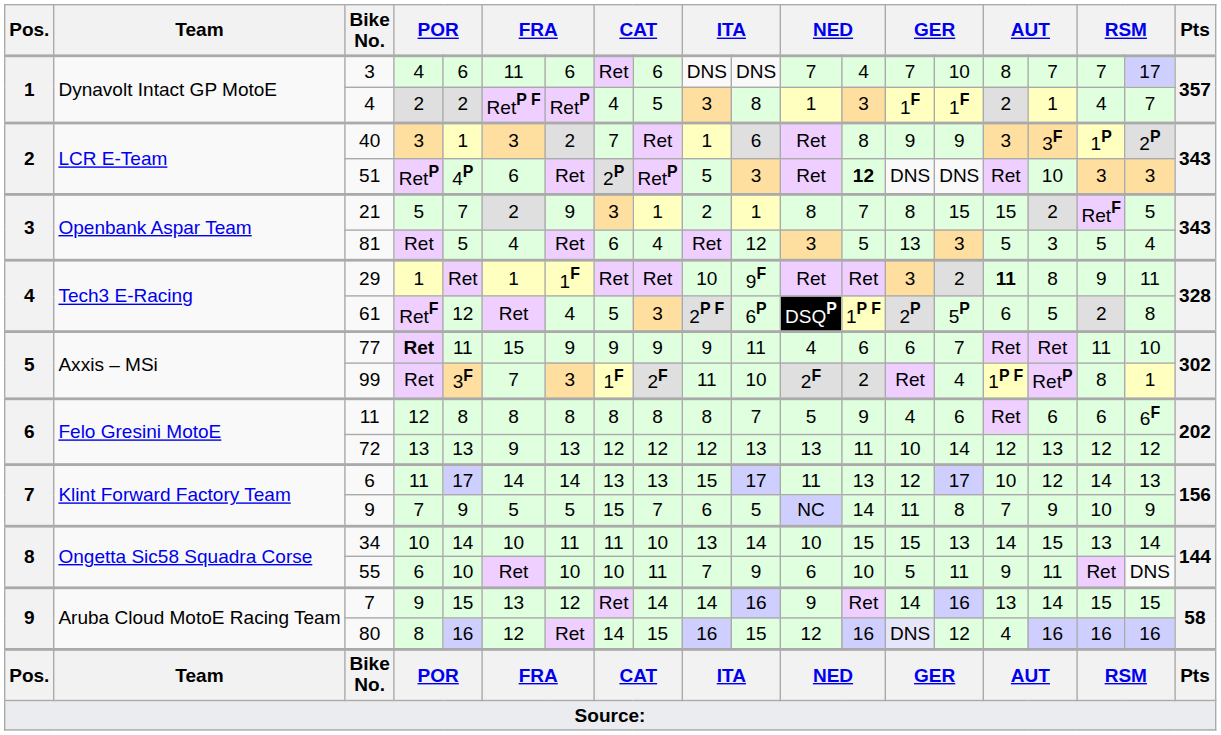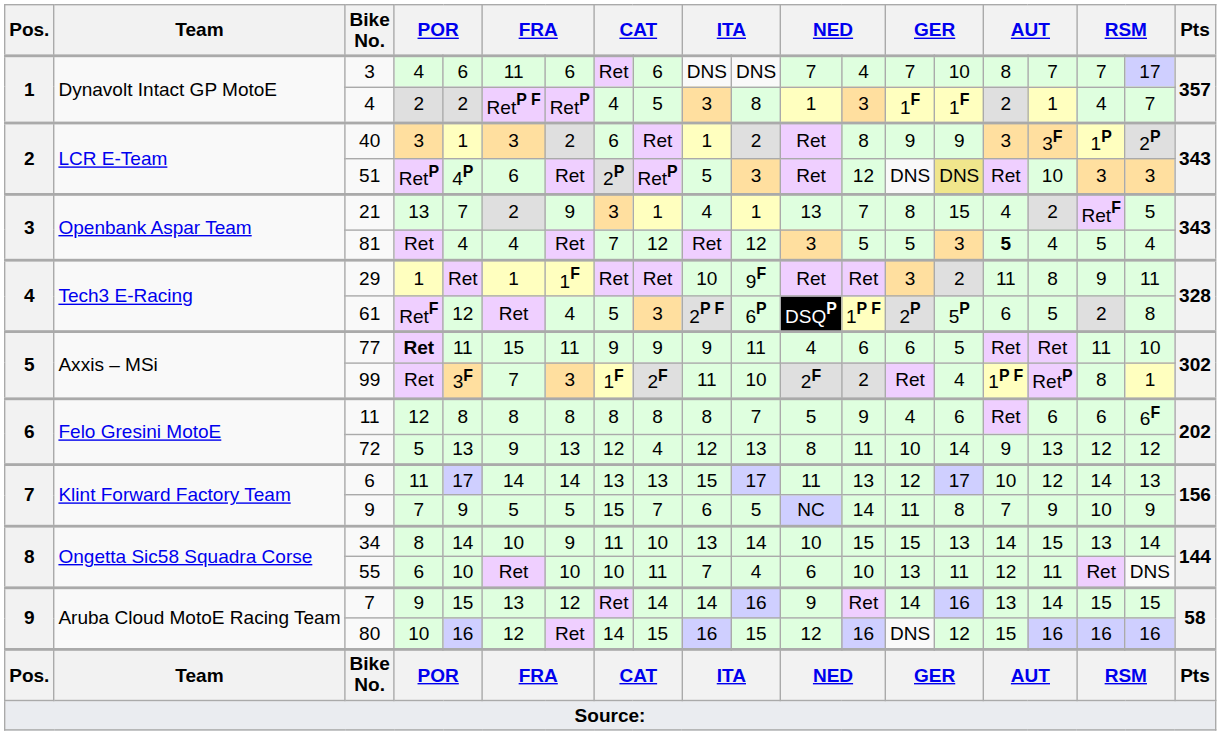 <table class="wikitable" style="font-size:85%; text-align:center;">
 <tr>
 <th>Pos.</th>
 <th>Team</th>
 <th>Bike<br>No.</th>
 <th colspan=2><a href='#'>POR</a><br></th>
 <th colspan=2><a href='#'>FRA</a><br></th>
 <th colspan=2><a href='#'>CAT</a><br></th>
 <th colspan=2><a href='#'>ITA</a><br></th>
 <th colspan=2><a href='#'>NED</a><br></th>
 <th colspan=2><a href='#'>GER</a><br></th>
 <th colspan=2><a href='#'>AUT</a><br></th>
 <th colspan=2><a href='#'>RSM</a><br></th>
 <th>Pts</th>
 </tr>
 <tr style="border-top:2px solid #aaaaaa">
 <th rowspan=2>1</th>
 <td rowspan=2 align=left> Dynavolt Intact GP MotoE</td>
 <td>3</td>
 <td bgcolor="#dfffdf">4</td>
 <td bgcolor="#dfffdf">6</td>
 <td bgcolor="#dfffdf">11</td>
 <td bgcolor="#dfffdf">6</td>
 <td bgcolor="#efcfff">Ret</td>
 <td bgcolor="#dfffdf">6</td>
 <td>DNS</td>
 <td>DNS</td>
 <td bgcolor="#dfffdf">7</td>
 <td bgcolor="#dfffdf">4</td>
 <td bgcolor="#dfffdf">7</td>
 <td bgcolor="#dfffdf">10</td>
 <td bgcolor="#dfffdf">8</td>
 <td bgcolor="#dfffdf">7</td>
 <td bgcolor="#dfffdf">7</td>
 <td bgcolor="#cfcfff">17</td>
 <th rowspan=2>357</th>
 </tr>
 <tr>
 <td>4</td>
 <td bgcolor="#dfdfdf">2</td>
 <td bgcolor="#dfdfdf">2</td>
 <td nowrap="" bgcolor="#efcfff">Ret<strong><sup>P F</sup></strong></td>
 <td bgcolor="#efcfff">Ret<strong><sup>P</sup></strong></td>
 <td bgcolor="#dfffdf">4</td>
 <td bgcolor="#dfffdf">5</td>
 <td bgcolor="#ffdf9f">3</td>
 <td bgcolor="#dfffdf">8</td>
 <td bgcolor="#ffffbf">1</td>
 <td bgcolor="#ffdf9f">3</td>
 <td bgcolor="#ffffbf">1<strong><sup>F</sup></strong></td>
 <td bgcolor="#ffffbf">1<strong><sup>F</sup></strong></td>
 <td bgcolor="#dfdfdf">2</td>
 <td bgcolor="#ffffbf">1</td>
 <td bgcolor="#dfffdf">4</td>
 <td bgcolor="#dfffdf">7</td>
 </tr>
 <tr style="border-top:2px solid #aaaaaa">
 <th rowspan=2>2</th>
 <td rowspan=2 align=left> <a href='#'>LCR E-Team</a></td>
 <td>40</td>
 <td bgcolor="#ffdf9f">3</td>
 <td bgcolor="#ffffbf">1</td>
 <td bgcolor="#ffdf9f">3</td>
 <td bgcolor="#dfdfdf">2</td>
-<td bgcolor="#dfffdf">7</td>
+<td bgcolor="#dfffdf">6</td>
 <td bgcolor="#efcfff">Ret</td>
 <td bgcolor="#ffffbf">1</td>
-<td bgcolor="#dfdfdf">6</td>
+<td bgcolor="#dfdfdf">2</td>
 <td bgcolor="#efcfff">Ret</td>
 <td bgcolor="#dfffdf">8</td>
 <td bgcolor="#dfffdf">9</td>
 <td bgcolor="#dfffdf">9</td>
 <td bgcolor="#ffdf9f">3</td>
 <td bgcolor="#ffdf9f">3<strong><sup>F</sup></strong></td>
 <td bgcolor="#ffffbf">1<strong><sup>P</sup></strong></td>
 <td bgcolor="#dfdfdf">2<strong><sup>P</sup></strong></td>
 <th rowspan=2>343</th>
 </tr>
 <tr>
 <td>51</td>
 <td bgcolor="#efcfff">Ret<strong><sup>P</sup></strong></td>
 <td bgcolor="#dfffdf">4<strong><sup>P</sup></strong></td>
 <td bgcolor="#dfffdf">6</td>
 <td bgcolor="#efcffF">Ret</td>
 <td bgcolor="#dfdfdf">2<strong><sup>P</sup></strong></td>
 <td bgcolor="#efcfff">Ret<strong><sup>P</sup></strong></td>
 <td bgcolor="#dfffdf">5</td>
 <td bgcolor="#ffdf9f">3</td>
 <td bgcolor="#efcfff">Ret</td>
-<td bgcolor="#dfffdf"><strong>12</strong></td>
+<td bgcolor="#dfffdf">12</td>
 <td>DNS</td>
-<td>DNS</td>
+<td style="background: khaki;">DNS</td>
 <td bgcolor="#efcfff">Ret</td>
 <td bgcolor="#dfffdf">10</td>
 <td bgcolor="#ffdf9f">3</td>
 <td bgcolor="#ffdf9f">3</td>
 </tr>
 <tr style="border-top:2px solid #aaaaaa">
 <th rowspan=2>3</th>
 <td rowspan=2 align=left> <a href='#'>Openbank Aspar Team</a></td>
 <td>21</td>
-<td bgcolor="#dfffdf">5</td>
+<td bgcolor="#dfffdf">13</td>
 <td bgcolor="#dfffdf">7</td>
 <td bgcolor="#dfdfdf">2</td>
 <td bgcolor="#dfffdf">9</td>
 <td bgcolor="#ffdf9f">3</td>
 <td bgcolor="#ffffbf">1</td>
-<td bgcolor="#dfffdf">2</td>
+<td bgcolor="#dfffdf">4</td>
 <td bgcolor="#ffffbf">1</td>
-<td bgcolor="#dfffdf">8</td>
+<td bgcolor="#dfffdf">13</td>
 <td bgcolor="#dfffdf">7</td>
 <td bgcolor="#dfffdf">8</td>
 <td bgcolor="#dfffdf">15</td>
-<td bgcolor="#dfffdf">15</td>
+<td bgcolor="#dfffdf">4</td>
 <td bgcolor="#dfdfdf">2</td>
 <td bgcolor="#efcfff">Ret<strong><sup>F</sup></strong></td>
 <td bgcolor="#dfffdf">5</td>
 <th rowspan=2>343</th>
 </tr>
 <tr>
 <td>81</td>
 <td bgcolor="#efcfff">Ret</td>
-<td bgcolor="#dfffdf">5</td>
+<td bgcolor="#dfffdf">4</td>
 <td bgcolor="#dfffdf">4</td>
 <td bgcolor="#efcfff">Ret</td>
-<td bgcolor="#dfffdf">6</td>
-<td bgcolor="#dfffdf">4</td>
+<td bgcolor="#dfffdf">7</td>
+<td bgcolor="#dfffdf">12</td>
 <td bgcolor="#efcfff">Ret</td>
 <td bgcolor="#dfffdf">12</td>
 <td bgcolor="#ffdf9f">3</td>
 <td bgcolor="#dfffdf">5</td>
-<td bgcolor="#dfffdf">13</td>
+<td bgcolor="#dfffdf">5</td>
 <td bgcolor="#ffdf9f">3</td>
-<td bgcolor="#dfffdf">5</td>
-<td bgcolor="#dfffdf">3</td>
+<td bgcolor="#dfffdf"><strong>5</strong></td>
+<td bgcolor="#dfffdf">4</td>
 <td bgcolor="#dfffdf">5</td>
 <td bgcolor="#dfffdf">4</td>
 </tr>
 <tr style="border-top:2px solid #aaaaaa">
 <th rowspan=2>4</th>
 <td rowspan=2 align=left> <a href='#'>Tech3 E-Racing</a></td>
 <td>29</td>
 <td bgcolor="#ffffbf">1</td>
 <td bgcolor="#efcfff">Ret</td>
 <td bgcolor="#ffffbf">1</td>
 <td bgcolor="#ffffbf">1<strong><sup>F</sup></strong></td>
 <td bgcolor="#efcfff">Ret</td>
 <td bgcolor="#efcfff">Ret</td>
 <td bgcolor="#dfffdf">10</td>
 <td bgcolor="#dfffdf">9<strong><sup>F</sup></strong></td>
 <td bgcolor="#efcfff">Ret</td>
 <td bgcolor="#efcfff">Ret</td>
 <td bgcolor="#ffdf9f">3</td>
 <td bgcolor="#dfdfdf">2</td>
-<td bgcolor="#dfffdf"><strong>11</strong></td>
+<td bgcolor="#dfffdf">11</td>
 <td bgcolor="#dfffdf">8</td>
 <td bgcolor="#dfffdf">9</td>
 <td bgcolor="#dfffdf">11</td>
 <th rowspan=2>328</th>
 </tr>
 <tr>
 <td>61</td>
 <td bgcolor="#efcfff">Ret<strong><sup>F</sup></strong></td>
 <td bgcolor="#dfffdf">12</td>
 <td bgcolor="#efcfff">Ret</td>
 <td bgcolor="#dfffdf">4</td>
 <td bgcolor="#dfffdf">5</td>
 <td bgcolor="#ffdf9f">3</td>
 <td nowrap="" bgcolor="#dfdfdf">2<strong><sup>P F</sup></strong></td>
 <td bgcolor="#dfffdf">6<strong><sup>P</sup></strong></td>
 <td style="background:#000000; letter-spacing:0px; color:white">DSQ<strong><sup>P</sup></strong></td>
 <td nowrap="" bgcolor="#ffffbf">1<strong><sup>P F</sup></strong></td>
 <td bgcolor="#dfdfdf">2<strong><sup>P</sup></strong></td>
 <td bgcolor="#dfffdf">5<strong><sup>P</sup></strong></td>
 <td bgcolor="#dfffdf">6</td>
 <td bgcolor="#dfffdf">5</td>
 <td bgcolor="#dfdfdf">2</td>
 <td bgcolor="#dfffdf">8</td>
 </tr>
 <tr style="border-top:2px solid #aaaaaa">
 <th rowspan=2>5</th>
 <td rowspan=2 align=left> Axxis – MSi</td>
 <td>77</td>
 <td bgcolor="#efcfff"><strong>Ret</strong></td>
 <td bgcolor="#dfffdf">11</td>
 <td bgcolor="#dfffdf">15</td>
-<td bgcolor="#dfffdf">9</td>
+<td bgcolor="#dfffdf">11</td>
 <td bgcolor="#dfffdf">9</td>
 <td bgcolor="#dfffdf">9</td>
 <td bgcolor="#dfffdf">9</td>
 <td bgcolor="#dfffdf">11</td>
 <td bgcolor="#dfffdf">4</td>
 <td bgcolor="#dfffdf">6</td>
 <td bgcolor="#dfffdf">6</td>
-<td bgcolor="#dfffdf">7</td>
+<td bgcolor="#dfffdf">5</td>
 <td bgcolor="#efcfff">Ret</td>
 <td bgcolor="#efcfff">Ret</td>
 <td bgcolor="#dfffdf">11</td>
 <td bgcolor="#dfffdf">10</td>
 <th rowspan=2>302</th>
 </tr>
 <tr>
 <td>99</td>
 <td bgcolor="#efcfff">Ret</td>
 <td bgcolor="#ffdf9f">3<strong><sup>F</sup></strong></td>
 <td bgcolor="#dfffdf">7</td>
 <td bgcolor="#ffdf9f">3</td>
 <td bgcolor="#ffffbf">1<strong><sup>F</sup></strong></td>
 <td bgcolor="#dfdfdf">2<strong><sup>F</sup></strong></td>
 <td bgcolor="#dfffdf">11</td>
 <td bgcolor="#dfffdf">10</td>
 <td bgcolor="#dfdfdf">2<strong><sup>F</sup></strong></td>
 <td bgcolor="#dfdfdf">2</td>
 <td bgcolor="#efcfff">Ret</td>
 <td bgcolor="#dfffdf">4</td>
 <td nowrap="" bgcolor="#ffffbf">1<strong><sup>P F</sup></strong></td>
 <td bgcolor="#efcfff">Ret<strong><sup>P</sup></strong></td>
 <td bgcolor="#dfffdf">8</td>
 <td bgcolor="#ffffbf">1</td>
 </tr>
 <tr style="border-top:2px solid #aaaaaa">
 <th rowspan=2>6</th>
 <td rowspan=2 align=left> <a href='#'>Felo Gresini MotoE</a></td>
 <td>11</td>
 <td bgcolor="#dfffdf">12</td>
 <td bgcolor="#dfffdf">8</td>
 <td bgcolor="#dfffdf">8</td>
 <td bgcolor="#dfffdf">8</td>
 <td bgcolor="#dfffdf">8</td>
 <td bgcolor="#dfffdf">8</td>
 <td bgcolor="#dfffdf">8</td>
 <td bgcolor="#dfffdf">7</td>
 <td bgcolor="#dfffdf">5</td>
 <td bgcolor="#dfffdf">9</td>
 <td bgcolor="#dfffdf">4</td>
 <td bgcolor="#dfffdf">6</td>
 <td bgcolor="#efcfff">Ret</td>
 <td bgcolor="#dfffdf">6</td>
 <td bgcolor="#dfffdf">6</td>
 <td bgcolor="#dfffdf">6<strong><sup>F</sup></strong></td>
 <th rowspan=2>202</th>
 </tr>
 <tr>
 <td>72</td>
-<td bgcolor="#dfffdf">13</td>
+<td bgcolor="#dfffdf">5</td>
 <td bgcolor="#dfffdf">13</td>
 <td bgcolor="#dfffdf">9</td>
 <td bgcolor="#dfffdf">13</td>
 <td bgcolor="#dfffdf">12</td>
-<td bgcolor="#dfffdf">12</td>
+<td bgcolor="#dfffdf">4</td>
 <td bgcolor="#dfffdf">12</td>
 <td bgcolor="#dfffdf">13</td>
-<td bgcolor="#dfffdf">13</td>
+<td bgcolor="#dfffdf">8</td>
 <td bgcolor="#dfffdf">11</td>
 <td bgcolor="#dfffdf">10</td>
 <td bgcolor="#dfffdf">14</td>
-<td bgcolor="#dfffdf">12</td>
+<td bgcolor="#dfffdf">9</td>
 <td bgcolor="#dfffdf">13</td>
 <td bgcolor="#dfffdf">12</td>
 <td bgcolor="#dfffdf">12</td>
 </tr>
 <tr style="border-top:2px solid #aaaaaa">
 <th rowspan=2>7</th>
 <td rowspan=2 align=left> <a href='#'>Klint Forward Factory Team</a></td>
 <td>6</td>
 <td bgcolor="#dfffdf">11</td>
 <td bgcolor="#cfcfff">17</td>
 <td bgcolor="#dfffdf">14</td>
 <td bgcolor="#dfffdf">14</td>
 <td bgcolor="#dfffdf">13</td>
 <td bgcolor="#dfffdf">13</td>
 <td bgcolor="#dfffdf">15</td>
 <td bgcolor="#cfcfff">17</td>
 <td bgcolor="#dfffdf">11</td>
 <td bgcolor="#dfffdf">13</td>
 <td bgcolor="#dfffdf">12</td>
 <td bgcolor="#cfcfff">17</td>
 <td bgcolor="#dfffdf">10</td>
 <td bgcolor="#dfffdf">12</td>
 <td bgcolor="#dfffdf">14</td>
 <td bgcolor="#dfffdf">13</td>
 <th rowspan=2>156</th>
 </tr>
 <tr>
 <td>9</td>
 <td bgcolor="#dfffdf">7</td>
 <td bgcolor="#dfffdf">9</td>
 <td bgcolor="#dfffdf">5</td>
 <td bgcolor="#dfffdf">5</td>
 <td bgcolor="#dfffdf">15</td>
 <td bgcolor="#dfffdf">7</td>
 <td bgcolor="#dfffdf">6</td>
 <td bgcolor="#dfffdf">5</td>
 <td bgcolor="#cfcfff">NC</td>
 <td bgcolor="#dfffdf">14</td>
 <td bgcolor="#dfffdf">11</td>
 <td bgcolor="#dfffdf">8</td>
 <td bgcolor="#dfffdf">7</td>
 <td bgcolor="#dfffdf">9</td>
 <td bgcolor="#dfffdf">10</td>
 <td bgcolor="#dfffdf">9</td>
 </tr>
 <tr style="border-top:2px solid #aaaaaa">
 <th rowspan=2>8</th>
 <td rowspan=2 align=left> <a href='#'>Ongetta Sic58 Squadra Corse</a></td>
 <td>34</td>
-<td bgcolor="#dfffdf">10</td>
+<td bgcolor="#dfffdf">8</td>
 <td bgcolor="#dfffdf">14</td>
 <td bgcolor="#dfffdf">10</td>
-<td bgcolor="#dfffdf">11</td>
+<td bgcolor="#dfffdf">9</td>
 <td bgcolor="#dfffdf">11</td>
 <td bgcolor="#dfffdf">10</td>
 <td bgcolor="#dfffdf">13</td>
 <td bgcolor="#dfffdf">14</td>
 <td bgcolor="#dfffdf">10</td>
 <td bgcolor="#dfffdf">15</td>
 <td bgcolor="#dfffdf">15</td>
 <td bgcolor="#dfffdf">13</td>
 <td bgcolor="#dfffdf">14</td>
 <td bgcolor="#dfffdf">15</td>
 <td bgcolor="#dfffdf">13</td>
 <td bgcolor="#dfffdf">14</td>
 <th rowspan=2>144</th>
 </tr>
 <tr>
 <td>55</td>
 <td bgcolor="#dfffdf">6</td>
 <td bgcolor="#dfffdf">10</td>
 <td bgcolor="#efcfff">Ret</td>
 <td bgcolor="#dfffdf">10</td>
 <td bgcolor="#dfffdf">10</td>
 <td bgcolor="#dfffdf">11</td>
 <td bgcolor="#dfffdf">7</td>
-<td bgcolor="#dfffdf">9</td>
+<td bgcolor="#dfffdf">4</td>
 <td bgcolor="#dfffdf">6</td>
 <td bgcolor="#dfffdf">10</td>
-<td bgcolor="#dfffdf">5</td>
+<td bgcolor="#dfffdf">13</td>
 <td bgcolor="#dfffdf">11</td>
-<td bgcolor="#dfffdf">9</td>
+<td bgcolor="#dfffdf">12</td>
 <td bgcolor="#dfffdf">11</td>
 <td bgcolor="#efcfff">Ret</td>
 <td>DNS</td>
 </tr>
 <tr style="border-top:2px solid #aaaaaa">
 <th rowspan=2>9</th>
 <td rowspan=2 align=left nowrap> Aruba Cloud MotoE Racing Team</td>
 <td>7</td>
 <td bgcolor="#dfffdf">9</td>
 <td bgcolor="#dfffdf">15</td>
 <td bgcolor="#dfffdf">13</td>
 <td bgcolor="#dfffdf">12</td>
 <td bgcolor="#efcfff">Ret</td>
 <td bgcolor="#dfffdf">14</td>
 <td bgcolor="#dfffdf">14</td>
 <td bgcolor="#cfcfff">16</td>
 <td bgcolor="#dfffdf">9</td>
 <td bgcolor="#efcfff">Ret</td>
 <td bgcolor="#dfffdf">14</td>
 <td bgcolor="#cfcfff">16</td>
 <td bgcolor="#dfffdf">13</td>
 <td bgcolor="#dfffdf">14</td>
 <td bgcolor="#dfffdf">15</td>
 <td bgcolor="#dfffdf">15</td>
 <th rowspan=2>58</th>
 </tr>
 <tr>
 <td>80</td>
-<td bgcolor="#dfffdf">8</td>
+<td bgcolor="#dfffdf">10</td>
 <td bgcolor="#cfcfff">16</td>
 <td bgcolor="#dfffdf">12</td>
 <td bgcolor="#efcfff">Ret</td>
 <td bgcolor="#dfffdf">14</td>
 <td bgcolor="#dfffdf">15</td>
 <td bgcolor="#cfcfff">16</td>
 <td bgcolor="#dfffdf">15</td>
 <td bgcolor="#dfffdf">12</td>
 <td bgcolor="#cfcfff">16</td>
-<td style="background: lavender;">DNS</td>
+<td>DNS</td>
 <td bgcolor="#dfffdf">12</td>
-<td bgcolor="#dfffdf">4</td>
+<td bgcolor="#dfffdf">15</td>
 <td bgcolor="#cfcfff">16</td>
 <td bgcolor="#cfcfff">16</td>
 <td bgcolor="#cfcfff">16</td>
 </tr>
 <tr style="border-top:2px solid #aaaaaa">
 <th>Pos.</th>
 <th>Team</th>
 <th>Bike<br>No.</th>
 <th colspan=2><a href='#'>POR</a><br></th>
 <th colspan=2><a href='#'>FRA</a><br></th>
 <th colspan=2><a href='#'>CAT</a><br></th>
 <th colspan=2><a href='#'>ITA</a><br></th>
 <th colspan=2><a href='#'>NED</a><br></th>
 <th colspan=2><a href='#'>GER</a><br></th>
 <th colspan=2><a href='#'>AUT</a><br></th>
 <th colspan=2><a href='#'>RSM</a><br></th>
 <th>Pts</th>
 </tr>
 <tr>
 <td colspan="20" style="background-color:#EAECF0;text-align:center"><strong>Source:</strong></td>
 </tr>
 </table>
